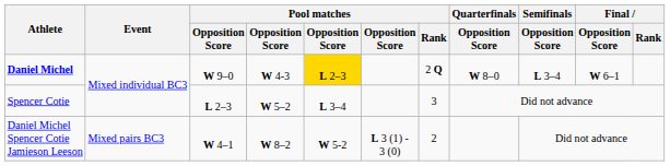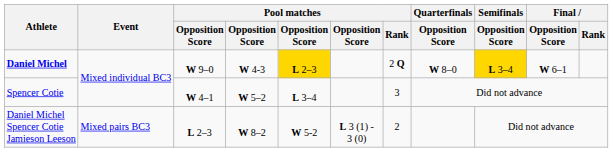 <table class=wikitable style="font-size:90%">
 <tr>
 <th rowspan="2">Athlete</th>
 <th rowspan="2">Event</th>
 <th colspan="5">Pool matches</th>
 <th>Quarterfinals</th>
 <th>Semifinals</th>
 <th colspan="2">Final / </th>
 </tr>
 <tr>
 <th>Opposition<br>Score</th>
 <th>Opposition<br>Score</th>
 <th>Opposition<br>Score</th>
 <th>Opposition<br>Score</th>
 <th>Rank</th>
 <th>Opposition<br>Score</th>
 <th>Opposition<br>Score</th>
 <th>Opposition<br>Score</th>
 <th>Rank</th>
 </tr>
 <tr align=center>
 <td align=left><strong><a href='#'>Daniel Michel</a></strong></td>
 <td align=left rowspan=2><a href='#'>Mixed individual BC3</a></td>
 <td><br><strong>W</strong> 9–0</td>
 <td><br><strong>W</strong> 4-3</td>
 <td style="background: gold;"><br><strong>L</strong> 2–3</td>
 <td></td>
 <td>2 <strong>Q</strong></td>
 <td><br><strong>W</strong> 8–0</td>
-<td><br><strong>L</strong> 3–4</td>
+<td style="background: gold;"><br><strong>L</strong> 3–4</td>
 <td><br><strong>W</strong> 6–1</td>
 <td></td>
 </tr>
 <tr align=center>
 <td align=left><a href='#'>Spencer Cotie</a></td>
-<td><br><strong>L</strong> 2–3</td>
+<td><br><strong>W</strong> 4–1</td>
 <td><br><strong>W</strong> 5–2</td>
 <td><br><strong>L</strong> 3–4</td>
 <td></td>
 <td>3</td>
 <td colspan=4>Did not advance</td>
 </tr>
 <tr align=center>
 <td align=left><a href='#'>Daniel Michel</a> <br><a href='#'>Spencer Cotie</a> <br><a href='#'>Jamieson Leeson</a></td>
 <td align=left><a href='#'>Mixed pairs BC3</a></td>
-<td><br><strong>W</strong> 4–1</td>
+<td><br><strong>L</strong> 2–3</td>
 <td><br><strong>W</strong> 8–2</td>
 <td><br><strong>W</strong> 5-2</td>
 <td><br><strong>L</strong> 3 (1) -<br>3 (0)</td>
 <td>2</td>
 <td></td>
 <td colspan="3">Did not advance</td>
 </tr>
 </table>
